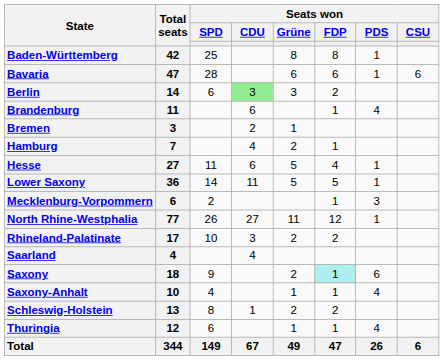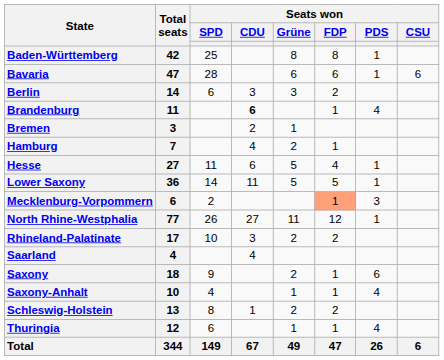 <table class="wikitable" style="text-align:center; font-size: 0.9em;">
 <tr>
 <th rowspan="3">State</th>
 <th rowspan="3">Total<br>seats</th>
 <th colspan="6">Seats won</th>
 </tr>
 <tr>
 <th class="unsortable" style="width:45px;"><a href='#'>SPD</a></th>
 <th class="unsortable" style="width:45px;"><a href='#'>CDU</a></th>
 <th class="unsortable" style="width:45px;"><a href='#'>Grüne</a></th>
 <th class="unsortable" style="width:45px;"><a href='#'>FDP</a></th>
 <th class="unsortable" style="width:45px;"><a href='#'>PDS</a></th>
 <th class="unsortable" style="width:45px;"><a href='#'>CSU</a></th>
 </tr>
 <tr>
 <th style="background:"></th>
 <th style="background:"></th>
 <th style="background:"></th>
 <th style="background:"></th>
 <th style="background:"></th>
 <th style="background:"></th>
 </tr>
 <tr>
 <th style="text-align: left;"><a href='#'>Baden-Württemberg</a></th>
 <th>42</th>
 <td>25</td>
 <td></td>
 <td>8</td>
 <td>8</td>
 <td>1</td>
 <td></td>
 </tr>
 <tr>
 <th style="text-align: left;"><a href='#'>Bavaria</a></th>
 <th>47</th>
 <td>28</td>
 <td></td>
 <td>6</td>
 <td>6</td>
 <td>1</td>
 <td>6</td>
 </tr>
 <tr>
 <th style="text-align: left;"><a href='#'>Berlin</a></th>
 <th>14</th>
 <td>6</td>
-<td style="background: lightgreen;">3</td>
+<td>3</td>
 <td>3</td>
 <td>2</td>
 <td></td>
 <td></td>
 </tr>
 <tr>
 <th style="text-align: left;"><a href='#'>Brandenburg</a></th>
 <th>11</th>
 <td></td>
-<td>6</td>
+<td><strong>6</strong></td>
 <td></td>
 <td>1</td>
 <td>4</td>
 <td></td>
 </tr>
 <tr>
 <th style="text-align: left;"><a href='#'>Bremen</a></th>
 <th>3</th>
 <td></td>
 <td>2</td>
 <td>1</td>
 <td></td>
 <td></td>
 <td></td>
 </tr>
 <tr>
 <th style="text-align: left;"><a href='#'>Hamburg</a></th>
 <th>7</th>
 <td></td>
 <td>4</td>
 <td>2</td>
 <td>1</td>
 <td></td>
 <td></td>
 </tr>
 <tr>
 <th style="text-align: left;"><a href='#'>Hesse</a></th>
 <th>27</th>
 <td>11</td>
 <td>6</td>
 <td>5</td>
 <td>4</td>
 <td>1</td>
 <td></td>
 </tr>
 <tr>
 <th style="text-align: left;"><a href='#'>Lower Saxony</a></th>
 <th>36</th>
 <td>14</td>
 <td>11</td>
 <td>5</td>
 <td>5</td>
 <td>1</td>
 <td></td>
 </tr>
 <tr>
 <th style="text-align: left;"><a href='#'>Mecklenburg-Vorpommern</a></th>
 <th>6</th>
 <td>2</td>
 <td></td>
 <td></td>
-<td>1</td>
+<td style="background: lightsalmon;">1</td>
 <td>3</td>
 <td></td>
 </tr>
 <tr>
 <th style="text-align: left;"><a href='#'>North Rhine-Westphalia</a></th>
 <th>77</th>
 <td>26</td>
 <td>27</td>
 <td>11</td>
 <td>12</td>
 <td>1</td>
 <td></td>
 </tr>
 <tr class="sortbottom">
 <th style="text-align: left;"><a href='#'>Rhineland-Palatinate</a></th>
 <th>17</th>
 <td>10</td>
 <td>3</td>
 <td>2</td>
 <td>2</td>
 <td></td>
 <td></td>
 </tr>
 <tr>
 <th style="text-align: left;"><a href='#'>Saarland</a></th>
 <th>4</th>
 <td></td>
 <td>4</td>
 <td></td>
 <td></td>
 <td></td>
 <td></td>
 </tr>
 <tr>
 <th style="text-align: left;"><a href='#'>Saxony</a></th>
 <th>18</th>
 <td>9</td>
 <td></td>
 <td>2</td>
-<td style="background: paleturquoise;">1</td>
+<td>1</td>
 <td>6</td>
 <td></td>
 </tr>
 <tr>
 <th style="text-align: left;"><a href='#'>Saxony-Anhalt</a></th>
 <th>10</th>
 <td>4</td>
 <td></td>
 <td>1</td>
 <td>1</td>
 <td>4</td>
 <td></td>
 </tr>
 <tr>
 <th style="text-align: left;"><a href='#'>Schleswig-Holstein</a></th>
 <th>13</th>
 <td>8</td>
 <td>1</td>
 <td>2</td>
 <td>2</td>
 <td></td>
 <td></td>
 </tr>
 <tr>
 <th style="text-align: left;"><a href='#'>Thuringia</a></th>
 <th>12</th>
 <td>6</td>
 <td></td>
 <td>1</td>
 <td>1</td>
 <td>4</td>
 <td></td>
 </tr>
 <tr>
 <th style="text-align: left;">Total</th>
 <th>344</th>
 <th>149</th>
 <th>67</th>
 <th>49</th>
 <th>47</th>
 <th>26</th>
 <th>6</th>
 </tr>
 </table>
